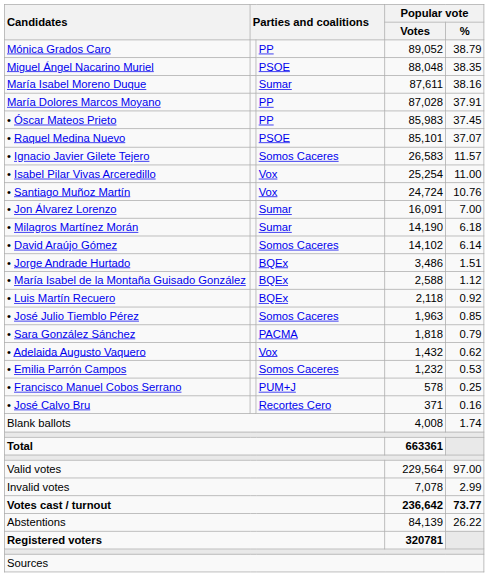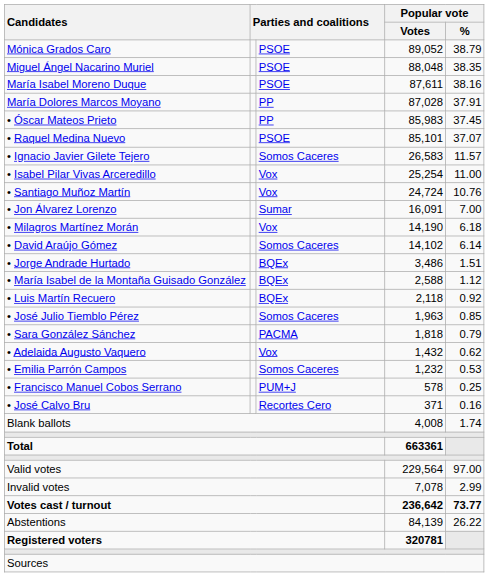 <table class="wikitable" style="text-align:right; font-size:95%;">
 <tr>
 <th style="text-align:left;" rowspan="2" width="325">Candidates</th>
 <th style="text-align:left;" rowspan="2" colspan="2" width="175">Parties and coalitions</th>
 <th colspan="2">Popular vote</th>
 </tr>
 <tr>
 <th width="75">Votes</th>
 <th width="45">%</th>
 </tr>
 <tr>
 <td align="left"> <a href='#'>Mónica Grados Caro</a></td>
 <td width="1" style="color:inherit;background:"></td>
-<td align="left"><a href='#'>PP</a></td>
+<td align="left"><a href='#'>PSOE</a></td>
 <td>89,052</td>
 <td>38.79</td>
 </tr>
 <tr>
 <td align="left"> <a href='#'>Miguel Ángel Nacarino Muriel</a></td>
 <td width="1" style="color:inherit;background:"></td>
 <td align="left"><a href='#'>PSOE</a></td>
 <td>88,048</td>
 <td>38.35</td>
 </tr>
 <tr>
 <td align="left"> <a href='#'>María Isabel Moreno Duque</a></td>
 <td width="1" style="color:inherit;background:"></td>
-<td align="left"><a href='#'>Sumar</a></td>
+<td align="left"><a href='#'>PSOE</a></td>
 <td>87,611</td>
 <td>38.16</td>
 </tr>
 <tr>
 <td align="left"> <a href='#'>María Dolores Marcos Moyano</a></td>
 <td width="1" style="color:inherit;background:"></td>
 <td align="left"><a href='#'>PP</a></td>
 <td>87,028</td>
 <td>37.91</td>
 </tr>
 <tr>
 <td align="left">• <a href='#'>Óscar Mateos Prieto</a></td>
 <td width="1" style="color:inherit;background:"></td>
 <td align="left"><a href='#'>PP</a></td>
 <td>85,983</td>
 <td>37.45</td>
 </tr>
 <tr>
 <td align="left">• <a href='#'>Raquel Medina Nuevo</a></td>
 <td width="1" style="color:inherit;background:"></td>
 <td align="left"><a href='#'>PSOE</a></td>
 <td>85,101</td>
 <td>37.07</td>
 </tr>
 <tr>
 <td align="left">• <a href='#'>Ignacio Javier Gilete Tejero</a></td>
 <td width="1" style="color:inherit;background:"></td>
 <td align="left"><a href='#'>Somos Caceres</a></td>
 <td>26,583</td>
 <td>11.57</td>
 </tr>
 <tr>
 <td align="left">• <a href='#'>Isabel Pilar Vivas Arceredillo</a></td>
 <td width="1" style="color:inherit;background:"></td>
 <td align="left"><a href='#'>Vox</a></td>
 <td>25,254</td>
 <td>11.00</td>
 </tr>
 <tr>
 <td align="left">• <a href='#'>Santiago Muñoz Martín</a></td>
 <td width="1" style="color:inherit;background:"></td>
 <td align="left"><a href='#'>Vox</a></td>
 <td>24,724</td>
 <td>10.76</td>
 </tr>
 <tr>
 <td align="left">• <a href='#'>Jon Álvarez Lorenzo</a></td>
 <td width="1" style="color:inherit;background:"></td>
 <td align="left"><a href='#'>Sumar</a></td>
 <td>16,091</td>
 <td>7.00</td>
 </tr>
 <tr>
 <td align="left">• <a href='#'>Milagros Martínez Morán</a></td>
 <td width="1" style="color:inherit;background:"></td>
-<td align="left"><a href='#'>Sumar</a></td>
+<td align="left"><a href='#'>Vox</a></td>
 <td>14,190</td>
 <td>6.18</td>
 </tr>
 <tr>
 <td align="left">• <a href='#'>David Araújo Gómez</a></td>
 <td width="1" style="color:inherit;background:"></td>
 <td align="left"><a href='#'>Somos Caceres</a></td>
 <td>14,102</td>
 <td>6.14</td>
 </tr>
 <tr>
 <td align="left">• <a href='#'>Jorge Andrade Hurtado</a></td>
 <td width="1" style="color:inherit;background:"></td>
 <td align="left"><a href='#'>BQEx</a></td>
 <td>3,486</td>
 <td>1.51</td>
 </tr>
 <tr>
 <td align="left">• <a href='#'>María Isabel de la Montaña Guisado González</a></td>
 <td width="1" style="color:inherit;background:"></td>
 <td align="left"><a href='#'>BQEx</a></td>
 <td>2,588</td>
 <td>1.12</td>
 </tr>
 <tr>
 <td align="left">• <a href='#'>Luis Martín Recuero</a></td>
 <td width="1" style="color:inherit;background:"></td>
 <td align="left"><a href='#'>BQEx</a></td>
 <td>2,118</td>
 <td>0.92</td>
 </tr>
 <tr>
 <td align="left">• <a href='#'>José Julio Tiemblo Pérez</a></td>
 <td width="1" style="color:inherit;background:"></td>
 <td align="left"><a href='#'>Somos Caceres</a></td>
 <td>1,963</td>
 <td>0.85</td>
 </tr>
 <tr>
 <td align="left">• <a href='#'>Sara González  Sánchez</a></td>
 <td width="1" style="color:inherit;background:"></td>
 <td align="left"><a href='#'>PACMA</a></td>
 <td>1,818</td>
 <td>0.79</td>
 </tr>
 <tr>
 <td align="left">• <a href='#'>Adelaida Augusto Vaquero</a></td>
 <td width="1" style="color:inherit;background:"></td>
 <td align="left"><a href='#'>Vox</a></td>
 <td>1,432</td>
 <td>0.62</td>
 </tr>
 <tr>
 <td align="left">• <a href='#'>Emilia Parrón Campos</a></td>
 <td width="1" style="color:inherit;background:"></td>
 <td align="left"><a href='#'>Somos Caceres</a></td>
 <td>1,232</td>
 <td>0.53</td>
 </tr>
 <tr>
 <td align="left">• <a href='#'>Francisco Manuel Cobos Serrano</a></td>
 <td width="1" style="color:inherit;background:"></td>
 <td align="left"><a href='#'>PUM+J</a></td>
 <td>578</td>
 <td>0.25</td>
 </tr>
 <tr>
 <td align="left">• <a href='#'>José Calvo Bru</a></td>
 <td width="1" style="color:inherit;background:"></td>
 <td align="left"><a href='#'>Recortes Cero</a></td>
 <td>371</td>
 <td>0.16</td>
 </tr>
 <tr>
 <td align="left" colspan="3">Blank ballots</td>
 <td>4,008</td>
 <td>1.74</td>
 </tr>
 <tr>
 <td colspan="5" bgcolor="#E9E9E9"></td>
 </tr>
 <tr style="font-weight:bold;">
 <td align="left" colspan="3">Total</td>
 <td>663361</td>
 <td bgcolor="#E9E9E9"></td>
 </tr>
 <tr>
 <td colspan="5" bgcolor="#E9E9E9"></td>
 </tr>
 <tr>
 <td align="left" colspan="3">Valid votes</td>
 <td>229,564</td>
 <td>97.00</td>
 </tr>
 <tr>
 <td align="left" colspan="3">Invalid votes</td>
 <td>7,078</td>
 <td>2.99</td>
 </tr>
 <tr style="font-weight:bold;">
 <td align="left" colspan="3">Votes cast / turnout</td>
 <td>236,642</td>
 <td>73.77</td>
 </tr>
 <tr>
 <td align="left" colspan="3">Abstentions</td>
 <td>84,139</td>
 <td>26.22</td>
 </tr>
 <tr style="font-weight:bold;">
 <td align="left" colspan="3">Registered voters</td>
 <td>320781</td>
 <td bgcolor="#E9E9E9"></td>
 </tr>
 <tr>
 <td colspan="5" bgcolor="#E9E9E9"></td>
 </tr>
 <tr>
 <td align="left" colspan="5">Sources</td>
 </tr>
 </table>
